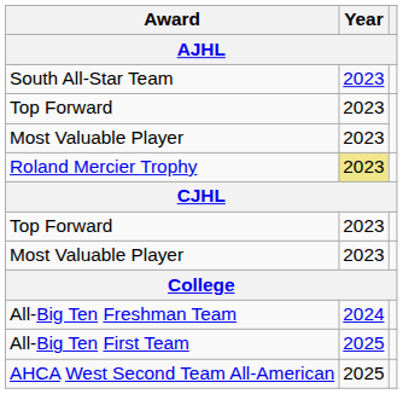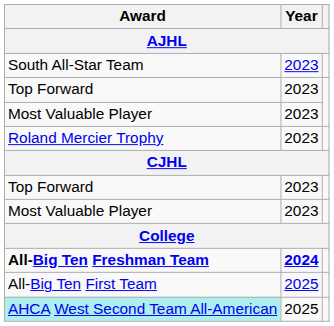 <table class="wikitable">
 <tr>
 <th>Award</th>
 <th>Year</th>
 <th></th>
 </tr>
 <tr>
 <th colspan="3"><a href='#'>AJHL</a></th>
 </tr>
 <tr>
 <td>South All-Star Team</td>
 <td><a href='#'>2023</a></td>
 <td></td>
 </tr>
 <tr>
 <td>Top Forward</td>
 <td>2023</td>
 <td rowspan="2"></td>
 </tr>
 <tr>
 <td>Most Valuable Player</td>
 <td>2023</td>
 </tr>
 <tr>
 <td><a href='#'>Roland Mercier Trophy</a></td>
-<td style="background: khaki;">2023</td>
+<td>2023</td>
 <td></td>
 </tr>
 <tr>
 <th colspan="3"><a href='#'>CJHL</a></th>
 </tr>
 <tr>
 <td>Top Forward</td>
 <td>2023</td>
 <td></td>
 </tr>
 <tr>
 <td>Most Valuable Player</td>
 <td>2023</td>
 <td></td>
 </tr>
 <tr>
 <th colspan="3"><a href='#'>College</a></th>
 </tr>
 <tr>
-<td>All-<a href='#'>Big Ten</a> <a href='#'>Freshman Team</a></td>
-<td><a href='#'>2024</a></td>
+<td><strong>All-<a href='#'>Big Ten</a> <a href='#'>Freshman Team</a></strong></td>
+<td><strong><a href='#'>2024</a></strong></td>
 <td></td>
 </tr>
 <tr>
 <td>All-<a href='#'>Big Ten</a> <a href='#'>First Team</a></td>
 <td><a href='#'>2025</a></td>
 <td></td>
 </tr>
 <tr>
-<td><a href='#'>AHCA</a> <a href='#'>West Second Team All-American</a></td>
+<td style="background: paleturquoise;"><a href='#'>AHCA</a> <a href='#'>West Second Team All-American</a></td>
 <td>2025</td>
 <td></td>
 </tr>
 </table>
